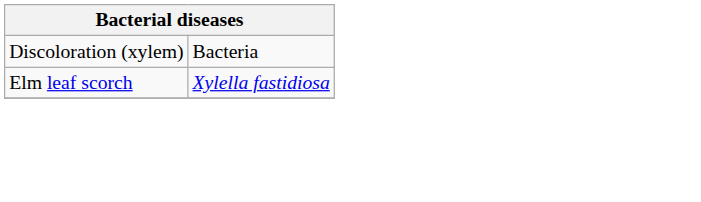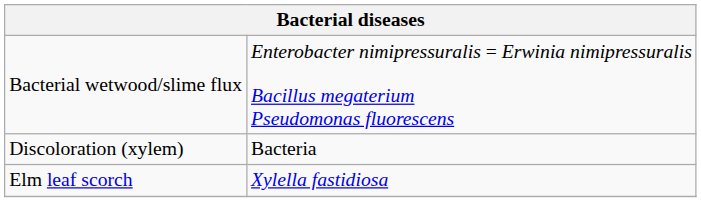 <table class="wikitable" style="clear">
 <tr>
 <th colspan=2><strong>Bacterial diseases</strong><br></th>
+</tr>
+<tr>
+<td>Bacterial wetwood/slime flux</td>
+<td><em>Enterobacter nimipressuralis</em> = <em>Erwinia nimipressuralis</em><br><br><em><a href='#'>Bacillus megaterium</a></em><br> <em><a href='#'>Pseudomonas fluorescens</a></em></td>
 </tr>
 <tr>
 <td>Discoloration (xylem)</td>
 <td>Bacteria</td>
 </tr>
 <tr>
 <td>Elm <a href='#'>leaf scorch</a></td>
 <td><em><a href='#'>Xylella fastidiosa</a></em></td>
 </tr>
 <tr>
 </tr>
 </table>
